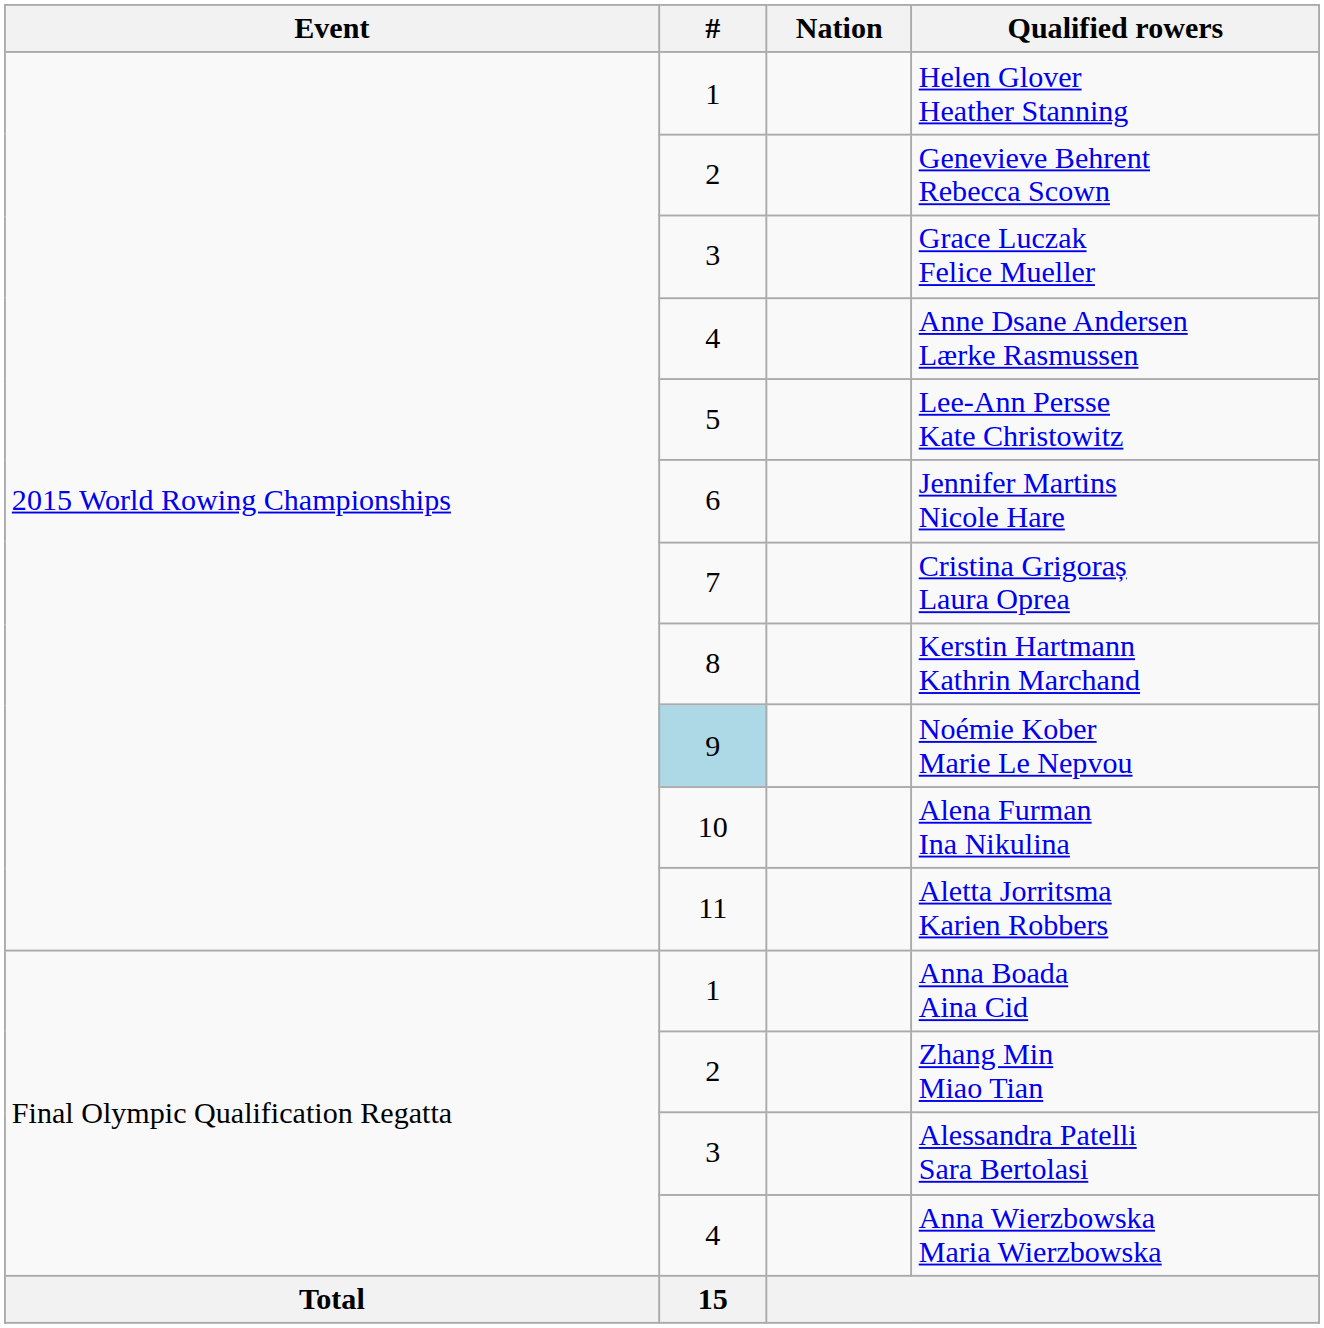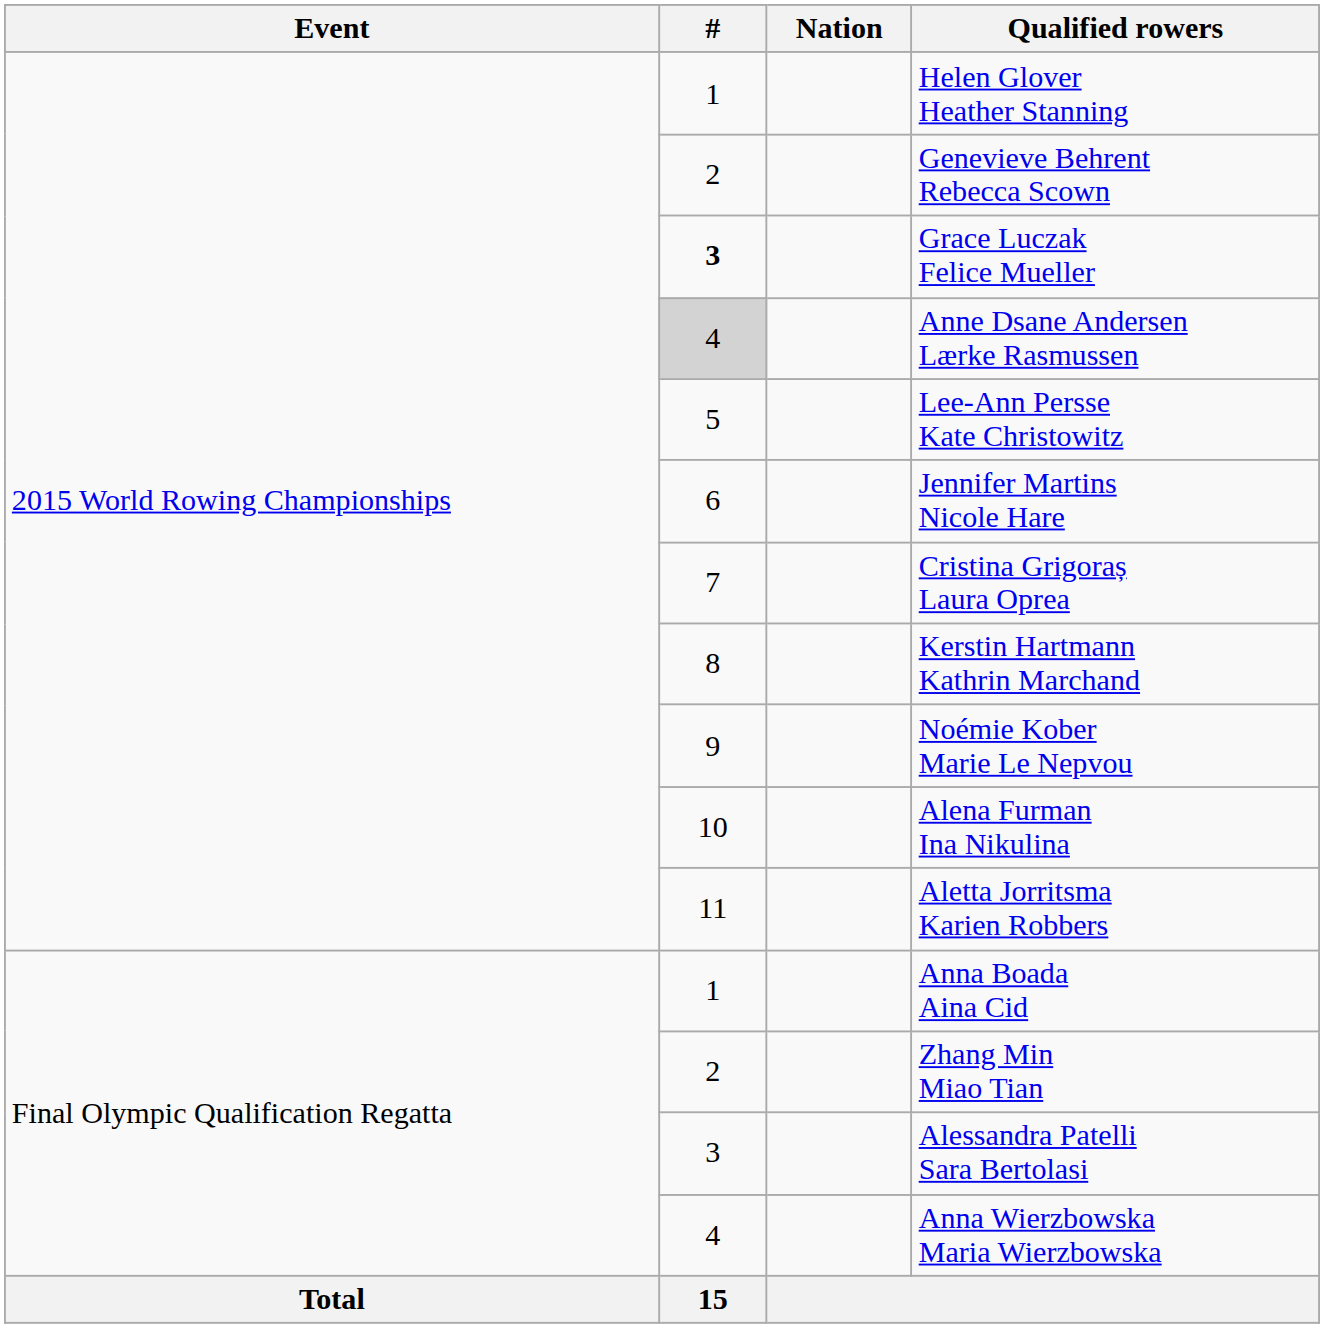 <table class="wikitable"  style="width:700px; text-align:center;">
 <tr>
 <th>Event</th>
 <th width=50>#</th>
 <th>Nation</th>
 <th>Qualified rowers</th>
 </tr>
 <tr>
 <td rowspan=11 align=left><a href='#'>2015 World Rowing Championships</a></td>
 <td>1</td>
 <td align=left></td>
 <td align=left><a href='#'>Helen Glover</a><br><a href='#'>Heather Stanning</a></td>
 </tr>
 <tr>
 <td>2</td>
 <td align=left></td>
 <td align=left><a href='#'>Genevieve Behrent</a><br><a href='#'>Rebecca Scown</a></td>
 </tr>
 <tr>
-<td>3</td>
+<td><strong>3</strong></td>
 <td align=left></td>
 <td align=left><a href='#'>Grace Luczak</a><br><a href='#'>Felice Mueller</a></td>
 </tr>
 <tr>
-<td>4</td>
+<td style="background: lightgrey;">4</td>
 <td align=left></td>
 <td align=left><a href='#'>Anne Dsane Andersen</a><br><a href='#'>Lærke Rasmussen</a></td>
 </tr>
 <tr>
 <td>5</td>
 <td align=left></td>
 <td align=left><a href='#'>Lee-Ann Persse</a><br><a href='#'>Kate Christowitz</a></td>
 </tr>
 <tr>
 <td>6</td>
 <td align=left></td>
 <td align=left><a href='#'>Jennifer Martins</a><br><a href='#'>Nicole Hare</a></td>
 </tr>
 <tr>
 <td>7</td>
 <td align=left></td>
 <td align=left><a href='#'>Cristina Grigoraș</a><br><a href='#'>Laura Oprea</a></td>
 </tr>
 <tr>
 <td>8</td>
 <td align=left></td>
 <td align=left><a href='#'>Kerstin Hartmann</a><br><a href='#'>Kathrin Marchand</a></td>
 </tr>
 <tr>
-<td style="background: lightblue;">9</td>
+<td>9</td>
 <td align=left></td>
 <td align=left><a href='#'>Noémie Kober</a><br><a href='#'>Marie Le Nepvou</a></td>
 </tr>
 <tr>
 <td>10</td>
 <td align=left></td>
 <td align=left><a href='#'>Alena Furman</a><br><a href='#'>Ina Nikulina</a></td>
 </tr>
 <tr>
 <td>11</td>
 <td align=left></td>
 <td align=left><a href='#'>Aletta Jorritsma</a><br><a href='#'>Karien Robbers</a></td>
 </tr>
 <tr>
 <td rowspan=4 align=left>Final Olympic Qualification Regatta</td>
 <td>1</td>
 <td align=left></td>
 <td align=left><a href='#'>Anna Boada</a><br><a href='#'>Aina Cid</a></td>
 </tr>
 <tr>
 <td>2</td>
 <td align=left></td>
 <td align=left><a href='#'>Zhang Min</a><br><a href='#'>Miao Tian</a></td>
 </tr>
 <tr>
 <td>3</td>
 <td align=left></td>
 <td align=left><a href='#'>Alessandra Patelli</a><br><a href='#'>Sara Bertolasi</a></td>
 </tr>
 <tr>
 <td>4</td>
 <td align=left></td>
 <td align=left><a href='#'>Anna Wierzbowska</a><br><a href='#'>Maria Wierzbowska</a></td>
 </tr>
 <tr>
 <th>Total</th>
 <th>15</th>
 <th colspan=2></th>
 </tr>
 </table>
